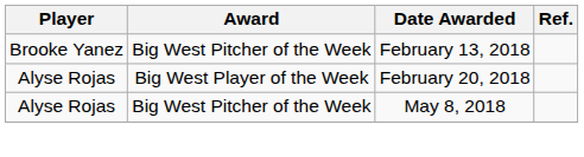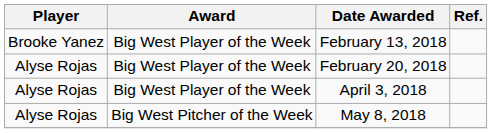 <table class="wikitable sortable sortable" style="text-align: center">
 <tr align=center>
 <th>Player</th>
 <th>Award</th>
 <th>Date Awarded</th>
 <th>Ref.</th>
 </tr>
 <tr>
 <td>Brooke Yanez</td>
-<td>Big West Pitcher of the Week</td>
+<td>Big West Player of the Week</td>
 <td>February 13, 2018</td>
 <td></td>
 </tr>
 <tr>
 <td>Alyse Rojas</td>
 <td>Big West Player of the Week</td>
 <td>February 20, 2018</td>
 <td></td>
 </tr>
 <tr>
 <td>Alyse Rojas</td>
+<td>Big West Player of the Week</td>
+<td>April 3, 2018</td>
+<td></td>
+</tr>
+<tr>
+<td>Alyse Rojas</td>
 <td>Big West Pitcher of the Week</td>
 <td>May 8, 2018</td>
 <td></td>
 </tr>
 <tr>
 </tr>
 </table>
